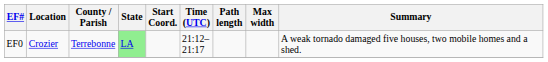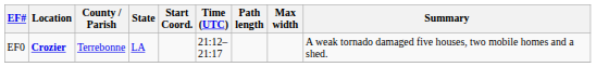 <table class="wikitable sortable" style="width:100%;">
 <tr>
 <th scope="col"  style="width:3%; text-align:center;"><a href='#'>EF#</a></th>
 <th scope="col"  style="width:7%; text-align:center;" class="unsortable">Location</th>
 <th scope="col"  style="width:6%; text-align:center;" class="unsortable">County / Parish</th>
 <th scope="col"  style="width:5%; text-align:center;">State</th>
 <th scope="col"  style="width:6%; text-align:center;">Start Coord.</th>
 <th scope="col"  style="width:6%; text-align:center;">Time (<a href='#'>UTC</a>)</th>
 <th scope="col"  style="width:6%; text-align:center;">Path length</th>
 <th scope="col"  style="width:6%; text-align:center;">Max width</th>
 <th scope="col" class="unsortable" style="width:48%; text-align:center;">Summary</th>
 </tr>
 <tr>
 <td>EF0</td>
-<td><a href='#'>Crozier</a></td>
+<td><strong><a href='#'>Crozier</a></strong></td>
 <td><a href='#'>Terrebonne</a></td>
-<td style="background: lightgreen;"><a href='#'>LA</a></td>
+<td><a href='#'>LA</a></td>
 <td></td>
 <td>21:12–21:17</td>
 <td></td>
 <td></td>
 <td>A weak tornado damaged five houses, two mobile homes and a shed.</td>
 </tr>
 <tr>
 </tr>
 </table>
